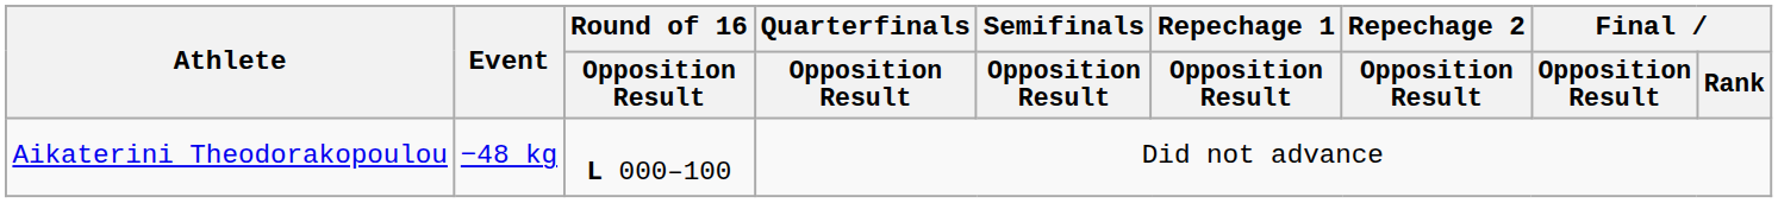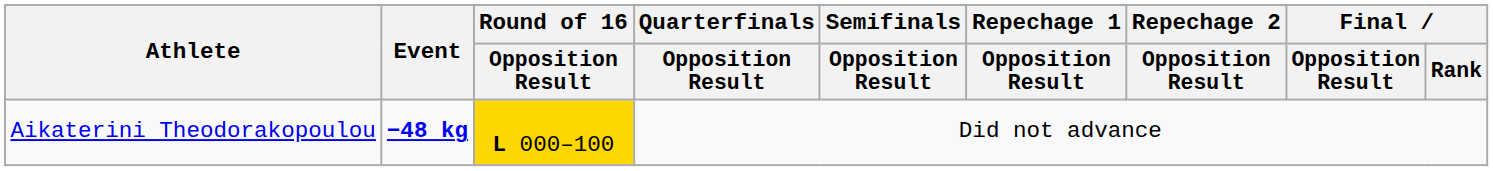 <table class="wikitable" style="font-size:90%">
 <tr>
 <th rowspan="2">Athlete</th>
 <th rowspan="2">Event</th>
 <th>Round of 16</th>
 <th>Quarterfinals</th>
 <th>Semifinals</th>
 <th>Repechage 1</th>
 <th>Repechage 2</th>
 <th colspan=2>Final / </th>
 </tr>
 <tr style="font-size:95%">
 <th>Opposition<br>Result</th>
 <th>Opposition<br>Result</th>
 <th>Opposition<br>Result</th>
 <th>Opposition<br>Result</th>
 <th>Opposition<br>Result</th>
 <th>Opposition<br>Result</th>
 <th>Rank</th>
 </tr>
 <tr align=center>
 <td align=left><a href='#'>Aikaterini Theodorakopoulou</a></td>
-<td align=left><a href='#'>−48 kg</a></td>
-<td><br><strong>L</strong> 000–100</td>
+<td align=left><strong><a href='#'>−48 kg</a></strong></td>
+<td style="background: gold;"><br><strong>L</strong> 000–100</td>
 <td colspan=6>Did not advance</td>
 </tr>
 </table>
